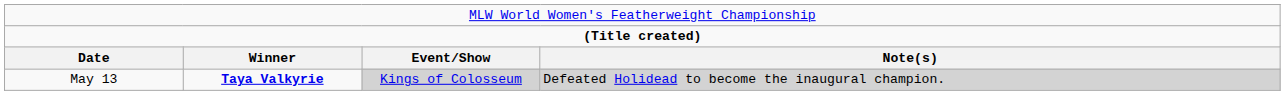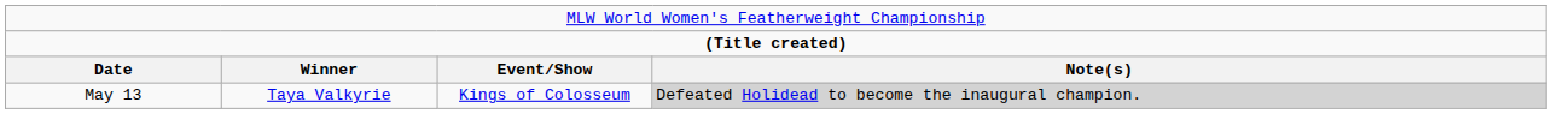 <table class="wikitable" style="text-align:center; width:100%;">
 <tr>
 <td colspan="4" style="text-align: center;"><a href='#'>MLW World Women's Featherweight Championship</a></td>
 </tr>
 <tr>
 <td colspan="4" style="text-align: center;"><strong>(Title created)</strong></td>
 </tr>
 <tr>
 <th width=14%>Date</th>
 <th width=14%>Winner</th>
 <th width=14%>Event/Show</th>
 <th width=58%>Note(s)</th>
 </tr>
 <tr>
 <td>May 13</td>
-<td><strong><a href='#'>Taya Valkyrie</a></strong></td>
-<td style="background: lightgrey;"><a href='#'>Kings of Colosseum</a></td>
+<td><a href='#'>Taya Valkyrie</a></td>
+<td><a href='#'>Kings of Colosseum</a></td>
 <td align=left style="background: lightgrey;">Defeated <a href='#'>Holidead</a> to become the inaugural champion.</td>
 </tr>
 </table>
